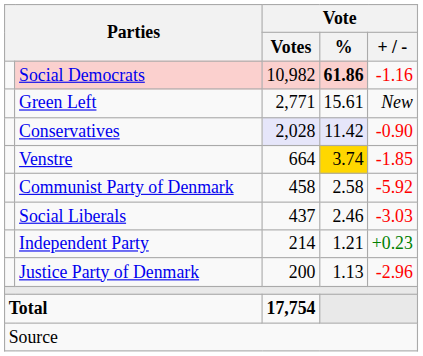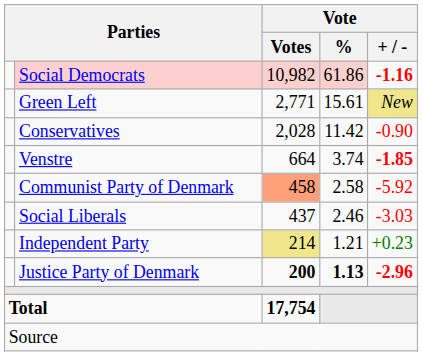 <table class="wikitable" style="text-align:right;">
 <tr>
 <th style="text-align:centre;" rowspan="2" colspan="2" width="225">Parties</th>
 <th colspan="3">Vote</th>
 </tr>
 <tr>
 <th width="15">Votes</th>
 <th width="15">%</th>
 <th width="15">+ / -</th>
 </tr>
 <tr>
 <td width="2" style="color:inherit;background:"></td>
 <td bgcolor=#fbd0ce  align="left"><a href='#'>Social Democrats</a></td>
 <td bgcolor=#fbd0ce>10,982</td>
-<td bgcolor=#fbd0ce><strong>61.86</strong></td>
-<td style=color:red;>-1.16</td>
+<td bgcolor=#fbd0ce>61.86</td>
+<td style=color:red;><strong>-1.16</strong></td>
 </tr>
 <tr>
 <td width="2" style="color:inherit;background:"></td>
 <td align="left"><a href='#'>Green Left</a></td>
 <td>2,771</td>
 <td>15.61</td>
-<td><em>New</em></td>
+<td style="background: khaki;"><em>New</em></td>
 </tr>
 <tr>
 <td width="2" style="color:inherit;background:"></td>
 <td align="left"><a href='#'>Conservatives</a></td>
-<td style="background: lavender;">2,028</td>
-<td style="background: lavender;">11.42</td>
+<td>2,028</td>
+<td>11.42</td>
 <td style=color:red;>-0.90</td>
 </tr>
 <tr>
 <td width="2" style="color:inherit;background:"></td>
 <td align="left"><a href='#'>Venstre</a></td>
 <td>664</td>
-<td style="background: gold;">3.74</td>
-<td style=color:red;>-1.85</td>
+<td>3.74</td>
+<td style=color:red;><strong>-1.85</strong></td>
 </tr>
 <tr>
 <td width="2" style="color:inherit;background:"></td>
 <td align="left"><a href='#'>Communist Party of Denmark</a></td>
-<td>458</td>
+<td style="background: lightsalmon;">458</td>
 <td>2.58</td>
 <td style=color:red;>-5.92</td>
 </tr>
 <tr>
 <td width="2" style="color:inherit;background:"></td>
 <td align="left"><a href='#'>Social Liberals</a></td>
 <td>437</td>
 <td>2.46</td>
 <td style=color:red;>-3.03</td>
 </tr>
 <tr>
 <td width="2" style="color:inherit;background:"></td>
 <td align="left"><a href='#'>Independent Party</a></td>
-<td>214</td>
+<td style="background: khaki;">214</td>
 <td>1.21</td>
 <td style=color:green;>+0.23</td>
 </tr>
 <tr>
 <td width="2" style="color:inherit;background:"></td>
 <td align="left"><a href='#'>Justice Party of Denmark</a></td>
-<td>200</td>
-<td>1.13</td>
-<td style=color:red;>-2.96</td>
+<td><strong>200</strong></td>
+<td><strong>1.13</strong></td>
+<td style=color:red;><strong>-2.96</strong></td>
 </tr>
 <tr>
 <td colspan="7" bgcolor="#E9E9E9"></td>
 </tr>
 <tr>
 <td align="left" colspan="2"><strong>Total</strong></td>
 <td><strong>17,754</strong></td>
 <td bgcolor="#E9E9E9" colspan="2"></td>
 </tr>
 <tr>
 <td align="left" colspan="6">Source</td>
 </tr>
 </table>
